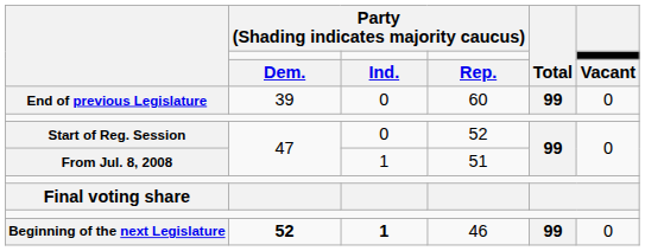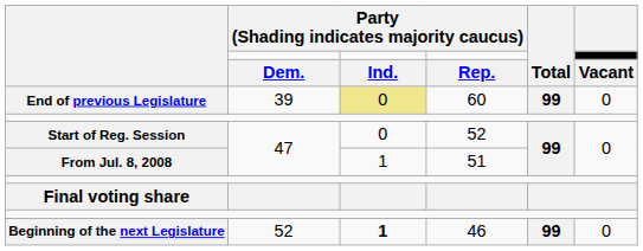 <table class=wikitable style="text-align:center">
 <tr style="vertical-align:bottom;">
 <th rowspan=3></th>
 <th colspan=3>Party <div>(Shading indicates majority caucus)</div></th>
 <th rowspan=3>Total</th>
 <th></th>
 </tr>
 <tr style="height:5px">
 <td style="background-color:"></td>
 <td style="background-color:"></td>
 <td style="background-color:"></td>
 <td style="background:black;"></td>
 </tr>
 <tr>
 <th><a href='#'>Dem.</a></th>
 <th><a href='#'>Ind.</a></th>
 <th><a href='#'>Rep.</a></th>
 <th>Vacant</th>
 </tr>
 <tr>
 <th style="font-size:80%;">End of <a href='#'>previous Legislature</a></th>
 <td>39</td>
-<td>0</td>
+<td style="background: khaki;">0</td>
 <td>60</td>
 <th>99</th>
 <td>0</td>
 </tr>
 <tr>
 <td colspan=6></td>
 </tr>
 <tr>
 <th style="font-size:80%;">Start of Reg. Session</th>
 <td rowspan="2">47</td>
 <td>0</td>
 <td>52</td>
 <th rowspan="2">99</th>
 <td rowspan="2">0</td>
 </tr>
 <tr>
 <th nowrap style="font-size:80%">From Jul. 8, 2008</th>
 <td>1</td>
 <td>51</td>
 </tr>
 <tr>
 <td colspan=6></td>
 </tr>
 <tr>
 <th>Final voting share</th>
 <th></th>
 <th></th>
 <th></th>
 <th colspan=2></th>
 </tr>
 <tr>
 <td colspan=7></td>
 </tr>
 <tr>
 <th style="font-size:80%;">Beginning of the <a href='#'>next Legislature</a></th>
-<td><strong>52</strong></td>
+<td>52</td>
 <td><strong>1</strong></td>
 <td>46</td>
 <th>99</th>
 <td>0</td>
 </tr>
 </table>
